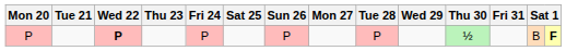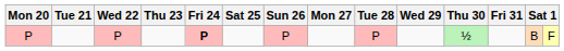 <table class="wikitable" style="margin:0.5em auto; font-size:90%; line-height:1.25em; text-align:center">
 <tr>
 <th>Mon 20</th>
 <th>Tue 21</th>
 <th>Wed 22</th>
 <th>Thu 23</th>
 <th>Fri 24</th>
 <th>Sat 25</th>
 <th>Sun 26</th>
 <th>Mon 27</th>
 <th>Tue 28</th>
 <th>Wed 29</th>
 <th>Thu 30</th>
 <th>Fri 31</th>
 <th colspan="2">Sat 1</th>
 </tr>
 <tr>
 <td bgcolor="#FFBBBB">P</td>
 <td></td>
+<td bgcolor="#FFBBBB">P</td>
+<td></td>
 <td bgcolor="#FFBBBB"><strong>P</strong></td>
-<td></td>
-<td bgcolor="#FFBBBB">P</td>
 <td></td>
 <td bgcolor="#FFBBBB">P</td>
 <td></td>
 <td bgcolor="#FFBBBB">P</td>
 <td></td>
 <td bgcolor="#BBF3BB">½</td>
 <td></td>
 <td bgcolor="#FEDCBA">B</td>
-<td bgcolor="#FFFFB"><strong>F</strong></td>
+<td bgcolor="#FFFFB">F</td>
 </tr>
 </table>
